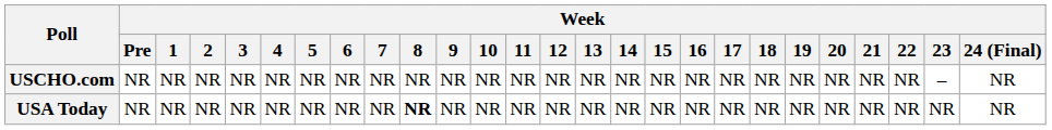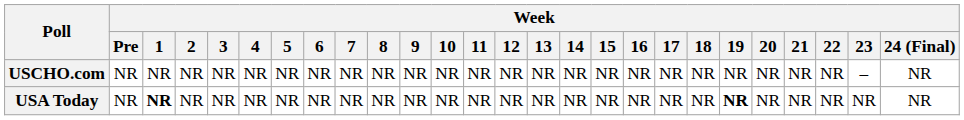 <table class="wikitable" style="white-space:nowrap;">
 <tr>
 <th scope="col" width="100" rowspan="2">Poll</th>
 <th colspan="27">Week</th>
 </tr>
 <tr>
 <th scope="col" width="30">Pre</th>
 <th scope="col" width="30">1</th>
 <th scope="col" width="30">2</th>
 <th scope="col" width="30">3</th>
 <th scope="col" width="30">4</th>
 <th scope="col" width="30">5</th>
 <th scope="col" width="30">6</th>
 <th scope="col" width="30">7</th>
 <th scope="col" width="30">8</th>
 <th scope="col" width="30">9</th>
 <th scope="col" width="30">10</th>
 <th scope="col" width="30">11</th>
 <th scope="col" width="30">12</th>
 <th scope="col" width="30">13</th>
 <th scope="col" width="30">14</th>
 <th scope="col" width="30">15</th>
 <th scope="col" width="30">16</th>
 <th scope="col" width="30">17</th>
 <th scope="col" width="30">18</th>
 <th scope="col" width="30">19</th>
 <th scope="col" width="30">20</th>
 <th scope="col" width="30">21</th>
 <th scope="col" width="30">22</th>
 <th scope="col" width="30">23</th>
 <th scope="col" width="30">24 (Final)</th>
 </tr>
 <tr style="text-align:center;">
 <th>USCHO.com</th>
 <td bgcolor=FFFFFF>NR</td>
 <td bgcolor=FFFFFF>NR</td>
 <td bgcolor=FFFFFF>NR</td>
 <td bgcolor=FFFFFF>NR</td>
 <td bgcolor=FFFFFF>NR</td>
 <td bgcolor=FFFFFF>NR</td>
 <td bgcolor=FFFFFF>NR</td>
 <td bgcolor=FFFFFF>NR</td>
 <td bgcolor=FFFFFF>NR</td>
 <td bgcolor=FFFFFF>NR</td>
 <td bgcolor=FFFFFF>NR</td>
 <td bgcolor=FFFFFF>NR</td>
 <td bgcolor=FFFFFF>NR</td>
 <td bgcolor=FFFFFF>NR</td>
 <td bgcolor=FFFFFF>NR</td>
 <td bgcolor=FFFFFF>NR</td>
 <td bgcolor=FFFFFF>NR</td>
 <td bgcolor=FFFFFF>NR</td>
 <td bgcolor=FFFFFF>NR</td>
 <td bgcolor=FFFFFF>NR</td>
 <td bgcolor=FFFFFF>NR</td>
 <td bgcolor=FFFFFF>NR</td>
 <td bgcolor=FFFFFF>NR</td>
 <td bgcolor=FFFFFF>–</td>
 <td bgcolor=FFFFFF>NR</td>
 </tr>
 <tr style="text-align:center;">
 <th>USA Today</th>
 <td bgcolor=FFFFFF>NR</td>
-<td bgcolor=FFFFFF>NR</td>
-<td bgcolor=FFFFFF>NR</td>
-<td bgcolor=FFFFFF>NR</td>
-<td bgcolor=FFFFFF>NR</td>
-<td bgcolor=FFFFFF>NR</td>
-<td bgcolor=FFFFFF>NR</td>
-<td bgcolor=FFFFFF>NR</td>
 <td bgcolor=FFFFFF><strong>NR</strong></td>
 <td bgcolor=FFFFFF>NR</td>
 <td bgcolor=FFFFFF>NR</td>
 <td bgcolor=FFFFFF>NR</td>
 <td bgcolor=FFFFFF>NR</td>
 <td bgcolor=FFFFFF>NR</td>
 <td bgcolor=FFFFFF>NR</td>
 <td bgcolor=FFFFFF>NR</td>
 <td bgcolor=FFFFFF>NR</td>
 <td bgcolor=FFFFFF>NR</td>
 <td bgcolor=FFFFFF>NR</td>
 <td bgcolor=FFFFFF>NR</td>
 <td bgcolor=FFFFFF>NR</td>
 <td bgcolor=FFFFFF>NR</td>
 <td bgcolor=FFFFFF>NR</td>
 <td bgcolor=FFFFFF>NR</td>
 <td bgcolor=FFFFFF>NR</td>
+<td bgcolor=FFFFFF>NR</td>
+<td bgcolor=FFFFFF><strong>NR</strong></td>
+<td bgcolor=FFFFFF>NR</td>
+<td bgcolor=FFFFFF>NR</td>
+<td bgcolor=FFFFFF>NR</td>
+<td bgcolor=FFFFFF>NR</td>
+<td bgcolor=FFFFFF>NR</td>
 </tr>
 </table>
